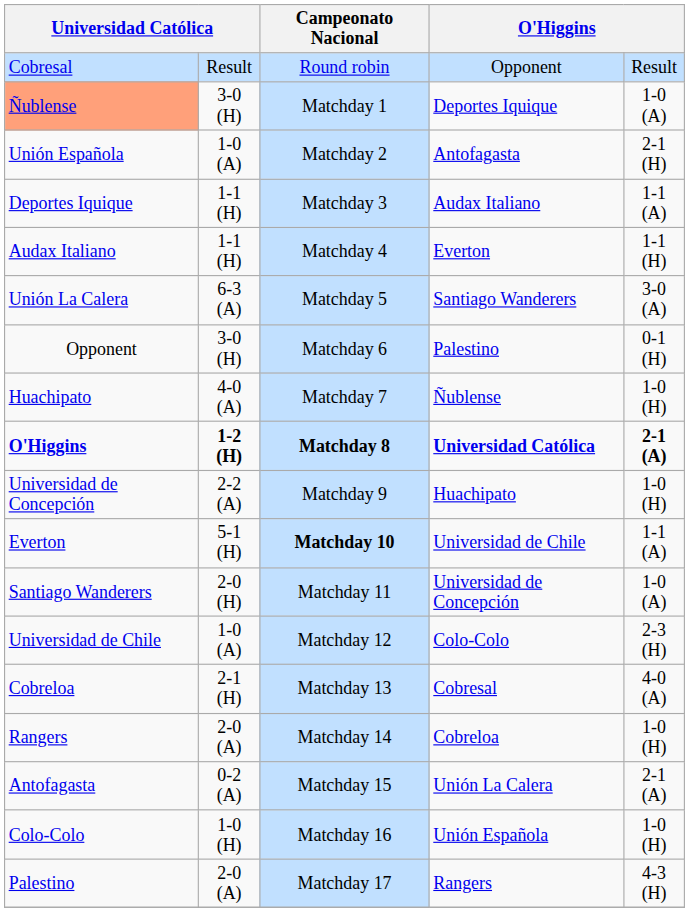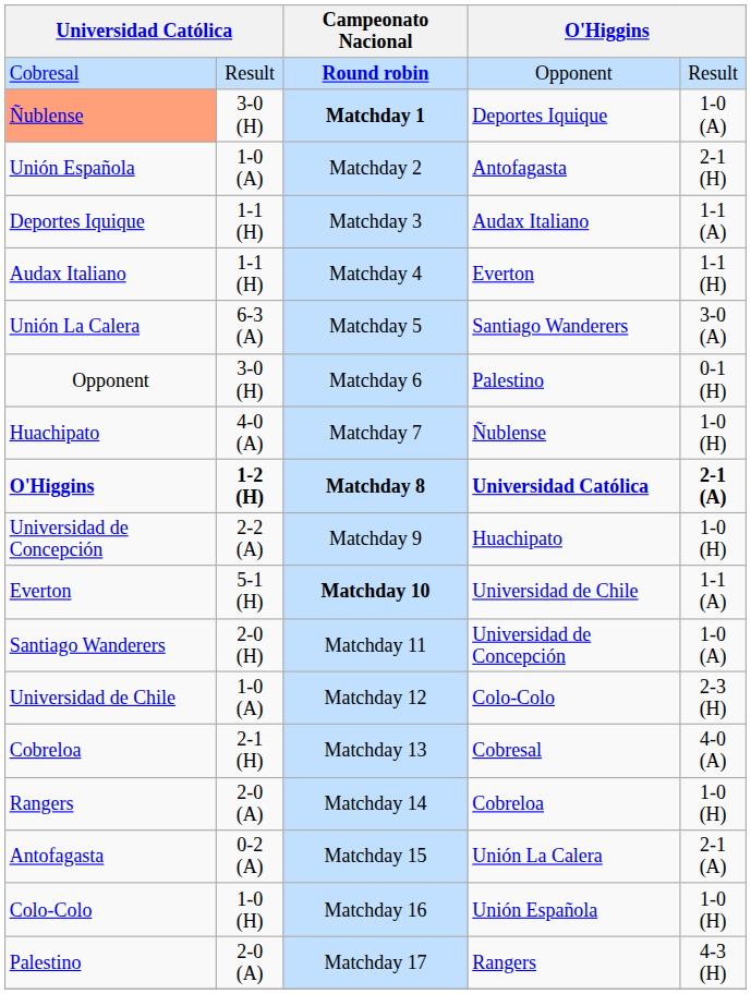 <table class="wikitable" style="text-align:center">
 <tr>
 <th colspan=4> <a href='#'>Universidad Católica</a></th>
 <th>Campeonato Nacional</th>
 <th colspan=4> <a href='#'>O'Higgins</a></th>
 </tr>
 <tr style="background:#c1e0ff">
 <td align=left> <a href='#'>Cobresal</a></td>
 <td colspan=3>Result</td>
-<td><a href='#'>Round robin</a></td>
+<td><strong><a href='#'>Round robin</a></strong></td>
 <td>Opponent</td>
 <td colspan=3>Result</td>
 </tr>
 <tr>
 <td align=left style="background: lightsalmon;"> <a href='#'>Ñublense</a></td>
 <td colspan=3>3-0 (H)</td>
-<td style="background:#c1e0ff">Matchday 1</td>
+<td style="background:#c1e0ff"><strong>Matchday 1</strong></td>
 <td align=left> <a href='#'>Deportes Iquique</a></td>
 <td colspan=3>1-0 (A)</td>
 </tr>
 <tr>
 <td align=left> <a href='#'>Unión Española</a></td>
 <td colspan=3>1-0 (A)</td>
 <td style="background:#c1e0ff">Matchday 2</td>
 <td align=left> <a href='#'>Antofagasta</a></td>
 <td colspan=3>2-1 (H)</td>
 </tr>
 <tr>
 <td align=left> <a href='#'>Deportes Iquique</a></td>
 <td colspan=3>1-1 (H)</td>
 <td style="background:#c1e0ff">Matchday 3</td>
 <td align=left> <a href='#'>Audax Italiano</a></td>
 <td colspan=3>1-1 (A)</td>
 </tr>
 <tr>
 <td align=left> <a href='#'>Audax Italiano</a></td>
 <td colspan=3>1-1 (H)</td>
 <td style="background:#c1e0ff">Matchday 4</td>
 <td align=left> <a href='#'>Everton</a></td>
 <td colspan=3>1-1 (H)</td>
 </tr>
 <tr>
 <td align=left> <a href='#'>Unión La Calera</a></td>
 <td colspan=3>6-3 (A)</td>
 <td style="background:#c1e0ff">Matchday 5</td>
 <td align=left> <a href='#'>Santiago Wanderers</a></td>
 <td colspan=3>3-0 (A) </td>
 </tr>
 <tr>
 <td>Opponent</td>
 <td colspan=3>3-0 (H)</td>
 <td style="background:#c1e0ff">Matchday 6</td>
 <td align=left> <a href='#'>Palestino</a></td>
 <td colspan=3>0-1 (H)</td>
 </tr>
 <tr>
 <td align=left> <a href='#'>Huachipato</a></td>
 <td colspan=3>4-0 (A)</td>
 <td style="background:#c1e0ff">Matchday 7</td>
 <td align=left> <a href='#'>Ñublense</a></td>
 <td colspan=3>1-0 (H)</td>
 </tr>
 <tr>
 <td align=left><strong> <a href='#'>O'Higgins</a> </strong></td>
 <td colspan=3><strong>1-2 (H)</strong></td>
 <td style="background:#c1e0ff"><strong>Matchday 8</strong></td>
 <td align=left><strong> <a href='#'>Universidad Católica</a></strong></td>
 <td colspan=3><strong>2-1 (A)</strong></td>
 </tr>
 <tr>
 <td align=left> <a href='#'>Universidad de Concepción</a></td>
 <td colspan=3>2-2 (A)</td>
 <td style="background:#c1e0ff">Matchday 9</td>
 <td align=left> <a href='#'>Huachipato</a></td>
 <td colspan=3>1-0 (H)</td>
 </tr>
 <tr>
 <td align=left> <a href='#'>Everton</a></td>
 <td colspan=3>5-1 (H)</td>
 <td style="background:#c1e0ff"><strong>Matchday 10</strong></td>
 <td align=left> <a href='#'>Universidad de Chile</a></td>
 <td colspan=3>1-1 (A)</td>
 </tr>
 <tr>
 <td align=left> <a href='#'>Santiago Wanderers</a></td>
 <td colspan=3>2-0 (H)</td>
 <td style="background:#c1e0ff">Matchday 11</td>
 <td align=left> <a href='#'>Universidad de Concepción</a></td>
 <td colspan=3>1-0 (A)</td>
 </tr>
 <tr>
 <td align=left> <a href='#'>Universidad de Chile</a></td>
 <td colspan=3>1-0 (A) </td>
 <td style="background:#c1e0ff">Matchday 12</td>
 <td align=left> <a href='#'>Colo-Colo</a></td>
 <td colspan=3>2-3 (H)</td>
 </tr>
 <tr>
 <td align=left> <a href='#'>Cobreloa</a></td>
 <td colspan=3>2-1 (H)</td>
 <td style="background:#c1e0ff">Matchday 13</td>
 <td align=left> <a href='#'>Cobresal</a></td>
 <td colspan=3>4-0 (A)</td>
 </tr>
 <tr>
 <td align=left> <a href='#'>Rangers</a></td>
 <td colspan=3>2-0 (A)</td>
 <td style="background:#c1e0ff">Matchday 14</td>
 <td align=left> <a href='#'>Cobreloa</a></td>
 <td colspan=3>1-0 (H)</td>
 </tr>
 <tr>
 <td align=left> <a href='#'>Antofagasta</a></td>
 <td colspan=3>0-2 (A)</td>
 <td style="background:#c1e0ff">Matchday 15</td>
 <td align=left> <a href='#'>Unión La Calera</a></td>
 <td colspan=3>2-1 (A)</td>
 </tr>
 <tr>
 <td align=left> <a href='#'>Colo-Colo</a></td>
 <td colspan=3>1-0 (H)</td>
 <td style="background:#c1e0ff">Matchday 16</td>
 <td align=left> <a href='#'>Unión Española</a></td>
 <td colspan=3>1-0 (H)</td>
 </tr>
 <tr>
 <td align=left> <a href='#'>Palestino</a></td>
 <td colspan=3>2-0 (A)</td>
 <td style="background:#c1e0ff">Matchday 17</td>
 <td align=left> <a href='#'>Rangers</a></td>
 <td colspan=3>4-3 (H)</td>
 </tr>
 <tr>
 </tr>
 </table>
